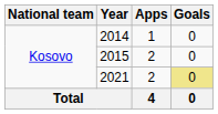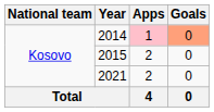 <table class="wikitable" style="text-align:center">
 <tr>
 <th>National team</th>
 <th>Year</th>
 <th>Apps</th>
 <th>Goals</th>
 </tr>
 <tr>
 <td rowspan="3"><a href='#'>Kosovo</a></td>
 <td>2014</td>
-<td>1</td>
-<td>0</td>
+<td style="background: pink;">1</td>
+<td style="background: lightsalmon;">0</td>
 </tr>
 <tr>
 <td>2015</td>
 <td>2</td>
 <td>0</td>
 </tr>
 <tr>
 <td>2021</td>
 <td>2</td>
-<td style="background: khaki;">0</td>
+<td>0</td>
 </tr>
 <tr>
 <th colspan="2">Total</th>
 <th>4</th>
 <th>0</th>
 </tr>
 </table>
